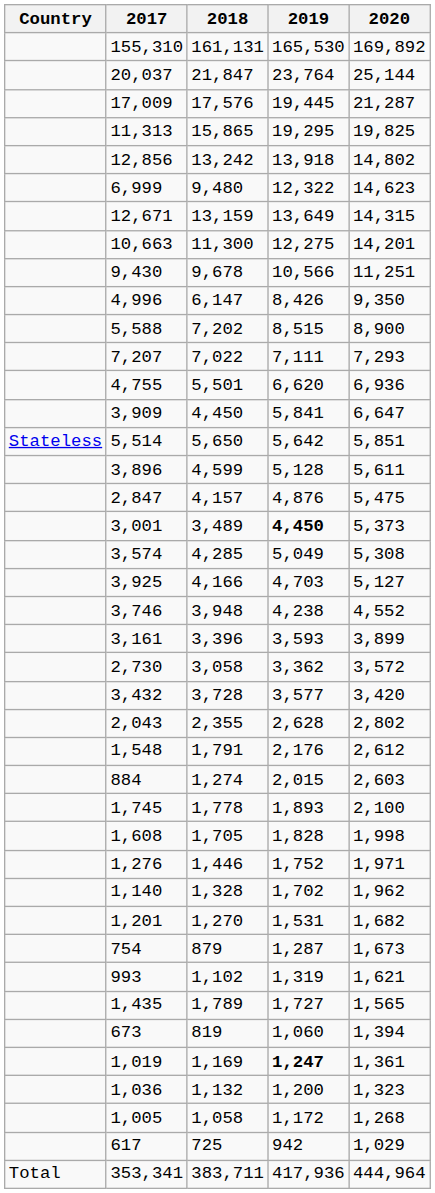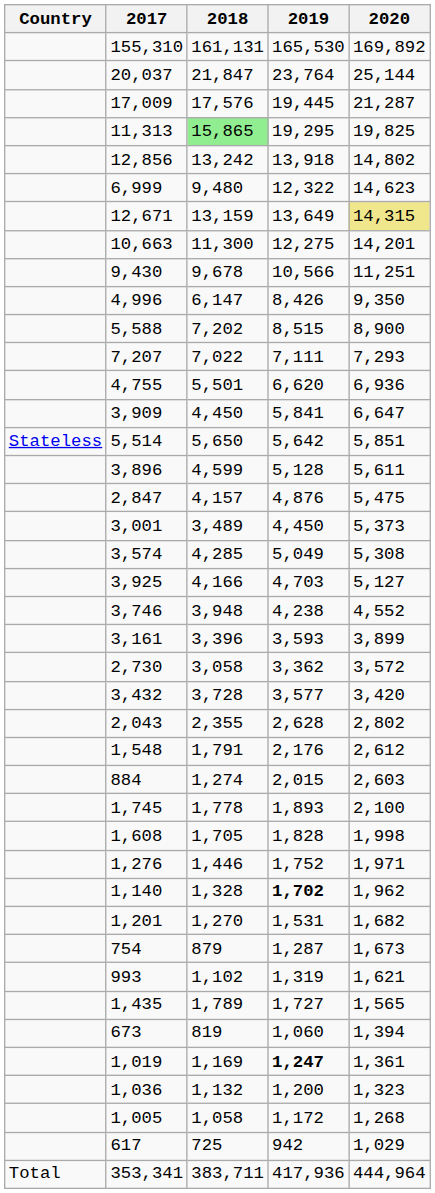 <table class="wikitable sortable">
 <tr>
 <th>Country</th>
 <th>2017</th>
 <th>2018</th>
 <th>2019</th>
 <th>2020</th>
 </tr>
 <tr>
 <td></td>
 <td>155,310</td>
 <td>161,131</td>
 <td>165,530</td>
 <td>169,892</td>
 </tr>
 <tr>
 <td></td>
 <td>20,037</td>
 <td>21,847</td>
 <td>23,764</td>
 <td>25,144</td>
 </tr>
 <tr>
 <td></td>
 <td>17,009</td>
 <td>17,576</td>
 <td>19,445</td>
 <td>21,287</td>
 </tr>
 <tr>
 <td></td>
 <td>11,313</td>
-<td>15,865</td>
+<td style="background: lightgreen;">15,865</td>
 <td>19,295</td>
 <td>19,825</td>
 </tr>
 <tr>
 <td></td>
 <td>12,856</td>
 <td>13,242</td>
 <td>13,918</td>
 <td>14,802</td>
 </tr>
 <tr>
 <td></td>
 <td>6,999</td>
 <td>9,480</td>
 <td>12,322</td>
 <td>14,623</td>
 </tr>
 <tr>
 <td></td>
 <td>12,671</td>
 <td>13,159</td>
 <td>13,649</td>
-<td>14,315</td>
+<td style="background: khaki;">14,315</td>
 </tr>
 <tr>
 <td></td>
 <td>10,663</td>
 <td>11,300</td>
 <td>12,275</td>
 <td>14,201</td>
 </tr>
 <tr>
 <td></td>
 <td>9,430</td>
 <td>9,678</td>
 <td>10,566</td>
 <td>11,251</td>
 </tr>
 <tr>
 <td></td>
 <td>4,996</td>
 <td>6,147</td>
 <td>8,426</td>
 <td>9,350</td>
 </tr>
 <tr>
 <td></td>
 <td>5,588</td>
 <td>7,202</td>
 <td>8,515</td>
 <td>8,900</td>
 </tr>
 <tr>
 <td></td>
 <td>7,207</td>
 <td>7,022</td>
 <td>7,111</td>
 <td>7,293</td>
 </tr>
 <tr>
 <td></td>
 <td>4,755</td>
 <td>5,501</td>
 <td>6,620</td>
 <td>6,936</td>
 </tr>
 <tr>
 <td></td>
 <td>3,909</td>
 <td>4,450</td>
 <td>5,841</td>
 <td>6,647</td>
 </tr>
 <tr>
 <td><a href='#'>Stateless</a></td>
 <td>5,514</td>
 <td>5,650</td>
 <td>5,642</td>
 <td>5,851</td>
 </tr>
 <tr>
 <td></td>
 <td>3,896</td>
 <td>4,599</td>
 <td>5,128</td>
 <td>5,611</td>
 </tr>
 <tr>
 <td></td>
 <td>2,847</td>
 <td>4,157</td>
 <td>4,876</td>
 <td>5,475</td>
 </tr>
 <tr>
 <td></td>
 <td>3,001</td>
 <td>3,489</td>
-<td><strong>4,450</strong></td>
+<td>4,450</td>
 <td>5,373</td>
 </tr>
 <tr>
 <td></td>
 <td>3,574</td>
 <td>4,285</td>
 <td>5,049</td>
 <td>5,308</td>
 </tr>
 <tr>
 <td></td>
 <td>3,925</td>
 <td>4,166</td>
 <td>4,703</td>
 <td>5,127</td>
 </tr>
 <tr>
 <td></td>
 <td>3,746</td>
 <td>3,948</td>
 <td>4,238</td>
 <td>4,552</td>
 </tr>
 <tr>
 <td></td>
 <td>3,161</td>
 <td>3,396</td>
 <td>3,593</td>
 <td>3,899</td>
 </tr>
 <tr>
 <td></td>
 <td>2,730</td>
 <td>3,058</td>
 <td>3,362</td>
 <td>3,572</td>
 </tr>
 <tr>
 <td></td>
 <td>3,432</td>
 <td>3,728</td>
 <td>3,577</td>
 <td>3,420</td>
 </tr>
 <tr>
 <td></td>
 <td>2,043</td>
 <td>2,355</td>
 <td>2,628</td>
 <td>2,802</td>
 </tr>
 <tr>
 <td></td>
 <td>1,548</td>
 <td>1,791</td>
 <td>2,176</td>
 <td>2,612</td>
 </tr>
 <tr>
 <td></td>
 <td>884</td>
 <td>1,274</td>
 <td>2,015</td>
 <td>2,603</td>
 </tr>
 <tr>
 <td></td>
 <td>1,745</td>
 <td>1,778</td>
 <td>1,893</td>
 <td>2,100</td>
 </tr>
 <tr>
 <td></td>
 <td>1,608</td>
 <td>1,705</td>
 <td>1,828</td>
 <td>1,998</td>
 </tr>
 <tr>
 <td></td>
 <td>1,276</td>
 <td>1,446</td>
 <td>1,752</td>
 <td>1,971</td>
 </tr>
 <tr>
 <td></td>
 <td>1,140</td>
 <td>1,328</td>
-<td>1,702</td>
+<td><strong>1,702</strong></td>
 <td>1,962</td>
 </tr>
 <tr>
 <td></td>
 <td>1,201</td>
 <td>1,270</td>
 <td>1,531</td>
 <td>1,682</td>
 </tr>
 <tr>
 <td></td>
 <td>754</td>
 <td>879</td>
 <td>1,287</td>
 <td>1,673</td>
 </tr>
 <tr>
 <td></td>
 <td>993</td>
 <td>1,102</td>
 <td>1,319</td>
 <td>1,621</td>
 </tr>
 <tr>
 <td></td>
 <td>1,435</td>
 <td>1,789</td>
 <td>1,727</td>
 <td>1,565</td>
 </tr>
 <tr>
 <td></td>
 <td>673</td>
 <td>819</td>
 <td>1,060</td>
 <td>1,394</td>
 </tr>
 <tr>
 <td></td>
 <td>1,019</td>
 <td>1,169</td>
 <td><strong>1,247</strong></td>
 <td>1,361</td>
 </tr>
 <tr>
 <td></td>
 <td>1,036</td>
 <td>1,132</td>
 <td>1,200</td>
 <td>1,323</td>
 </tr>
 <tr>
 <td></td>
 <td>1,005</td>
 <td>1,058</td>
 <td>1,172</td>
 <td>1,268</td>
 </tr>
 <tr>
 <td></td>
 <td>617</td>
 <td>725</td>
 <td>942</td>
 <td>1,029</td>
 </tr>
 <tr>
 <td>Total</td>
 <td>353,341</td>
 <td>383,711</td>
 <td>417,936</td>
 <td>444,964</td>
 </tr>
 </table>
